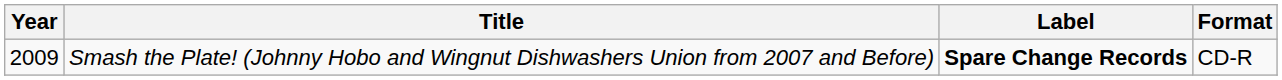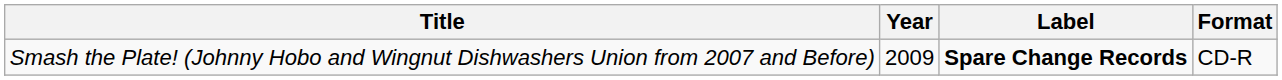 <table class="wikitable">
 <tr>
+<th>Title</th>
 <th>Year</th>
-<th>Title</th>
 <th>Label</th>
 <th>Format</th>
 </tr>
 <tr>
+<td><em>Smash the Plate! (Johnny Hobo and Wingnut Dishwashers Union from 2007 and Before)</em></td>
 <td>2009</td>
-<td><em>Smash the Plate! (Johnny Hobo and Wingnut Dishwashers Union from 2007 and Before)</em></td>
 <td><strong>Spare Change Records</strong></td>
 <td>CD-R</td>
 </tr>
 </table>
